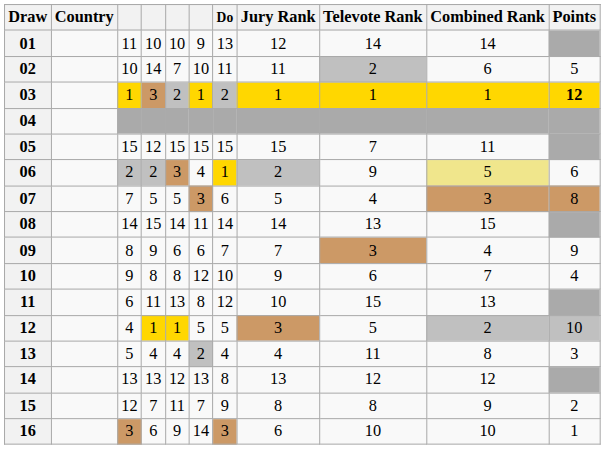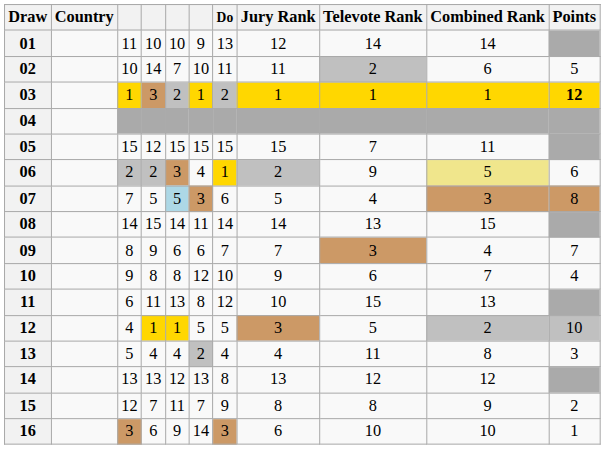 <table class="sortable wikitable collapsible plainrowheaders" style="text-align:center;">
 <tr>
 </tr>
 <tr>
 <th scope="col">Draw</th>
 <th scope="col">Country</th>
 <th scope="col"><small></small></th>
 <th scope="col"><small></small></th>
 <th scope="col"><small></small></th>
 <th scope="col"><small></small></th>
 <th scope="col"><small>Do</small></th>
 <th scope="col">Jury Rank</th>
 <th scope="col">Televote Rank</th>
 <th scope="col">Combined Rank</th>
 <th scope="col">Points</th>
 </tr>
 <tr>
 <th scope="row" style="text-align:center;">01</th>
 <td style="text-align:left;"></td>
 <td>11</td>
 <td>10</td>
 <td>10</td>
 <td>9</td>
 <td>13</td>
 <td>12</td>
 <td>14</td>
 <td>14</td>
 <td style="background:#AAAAAA;"></td>
 </tr>
 <tr>
 <th scope="row" style="text-align:center;">02</th>
 <td style="text-align:left;"></td>
 <td>10</td>
 <td>14</td>
 <td>7</td>
 <td>10</td>
 <td>11</td>
 <td>11</td>
 <td style="background:silver;">2</td>
 <td>6</td>
 <td>5</td>
 </tr>
 <tr>
 <th scope="row" style="text-align:center;">03</th>
 <td style="text-align:left;"></td>
 <td style="background:gold;">1</td>
 <td style="background:#CC9966;">3</td>
 <td style="background:silver;">2</td>
 <td style="background:gold;">1</td>
 <td style="background:silver;">2</td>
 <td style="background:gold;">1</td>
 <td style="background:gold;">1</td>
 <td style="background:gold;">1</td>
 <td style="background:gold;"><strong>12</strong></td>
 </tr>
 <tr class="sortbottom">
 <th scope="row" style="text-align:center;">04</th>
 <td style="text-align:left;"></td>
 <td style="background:#AAAAAA;"></td>
 <td style="background:#AAAAAA;"></td>
 <td style="background:#AAAAAA;"></td>
 <td style="background:#AAAAAA;"></td>
 <td style="background:#AAAAAA;"></td>
 <td style="background:#AAAAAA;"></td>
 <td style="background:#AAAAAA;"></td>
 <td style="background:#AAAAAA;"></td>
 <td style="background:#AAAAAA;"></td>
 </tr>
 <tr>
 <th scope="row" style="text-align:center;">05</th>
 <td style="text-align:left;"></td>
 <td>15</td>
 <td>12</td>
 <td>15</td>
 <td>15</td>
 <td>15</td>
 <td>15</td>
 <td>7</td>
 <td>11</td>
 <td style="background:#AAAAAA;"></td>
 </tr>
 <tr>
 <th scope="row" style="text-align:center;">06</th>
 <td style="text-align:left;"></td>
 <td style="background:silver;">2</td>
 <td style="background:silver;">2</td>
 <td style="background:#CC9966;">3</td>
 <td>4</td>
 <td style="background:gold;">1</td>
 <td style="background:silver;">2</td>
 <td>9</td>
 <td style="background: khaki;">5</td>
 <td>6</td>
 </tr>
 <tr>
 <th scope="row" style="text-align:center;">07</th>
 <td style="text-align:left;"></td>
 <td>7</td>
 <td>5</td>
-<td>5</td>
+<td style="background: lightblue;">5</td>
 <td style="background:#CC9966;">3</td>
 <td>6</td>
 <td>5</td>
 <td>4</td>
 <td style="background:#CC9966;">3</td>
 <td style="background:#CC9966;">8</td>
 </tr>
 <tr>
 <th scope="row" style="text-align:center;">08</th>
 <td style="text-align:left;"></td>
 <td>14</td>
 <td>15</td>
 <td>14</td>
 <td>11</td>
 <td>14</td>
 <td>14</td>
 <td>13</td>
 <td>15</td>
 <td style="background:#AAAAAA;"></td>
 </tr>
 <tr>
 <th scope="row" style="text-align:center;">09</th>
 <td style="text-align:left;"></td>
 <td>8</td>
 <td>9</td>
 <td>6</td>
 <td>6</td>
 <td>7</td>
 <td>7</td>
 <td style="background:#CC9966;">3</td>
 <td>4</td>
-<td>9</td>
+<td>7</td>
 </tr>
 <tr>
 <th scope="row" style="text-align:center;">10</th>
 <td style="text-align:left;"></td>
 <td>9</td>
 <td>8</td>
 <td>8</td>
 <td>12</td>
 <td>10</td>
 <td>9</td>
 <td>6</td>
 <td>7</td>
 <td>4</td>
 </tr>
 <tr>
 <th scope="row" style="text-align:center;">11</th>
 <td style="text-align:left;"></td>
 <td>6</td>
 <td>11</td>
 <td>13</td>
 <td>8</td>
 <td>12</td>
 <td>10</td>
 <td>15</td>
 <td>13</td>
 <td style="background:#AAAAAA;"></td>
 </tr>
 <tr>
 <th scope="row" style="text-align:center;">12</th>
 <td style="text-align:left;"></td>
 <td>4</td>
 <td style="background:gold;">1</td>
 <td style="background:gold;">1</td>
 <td>5</td>
 <td>5</td>
 <td style="background:#CC9966;">3</td>
 <td>5</td>
 <td style="background:silver;">2</td>
 <td style="background:silver;">10</td>
 </tr>
 <tr>
 <th scope="row" style="text-align:center;">13</th>
 <td style="text-align:left;"></td>
 <td>5</td>
 <td>4</td>
 <td>4</td>
 <td style="background:silver;">2</td>
 <td>4</td>
 <td>4</td>
 <td>11</td>
 <td>8</td>
 <td>3</td>
 </tr>
 <tr>
 <th scope="row" style="text-align:center;">14</th>
 <td style="text-align:left;"></td>
 <td>13</td>
 <td>13</td>
 <td>12</td>
 <td>13</td>
 <td>8</td>
 <td>13</td>
 <td>12</td>
 <td>12</td>
 <td style="background:#AAAAAA;"></td>
 </tr>
 <tr>
 <th scope="row" style="text-align:center;">15</th>
 <td style="text-align:left;"></td>
 <td>12</td>
 <td>7</td>
 <td>11</td>
 <td>7</td>
 <td>9</td>
 <td>8</td>
 <td>8</td>
 <td>9</td>
 <td>2</td>
 </tr>
 <tr>
 <th scope="row" style="text-align:center;">16</th>
 <td style="text-align:left;"></td>
 <td style="background:#CC9966;">3</td>
 <td>6</td>
 <td>9</td>
 <td>14</td>
 <td style="background:#CC9966;">3</td>
 <td>6</td>
 <td>10</td>
 <td>10</td>
 <td>1</td>
 </tr>
 </table>
